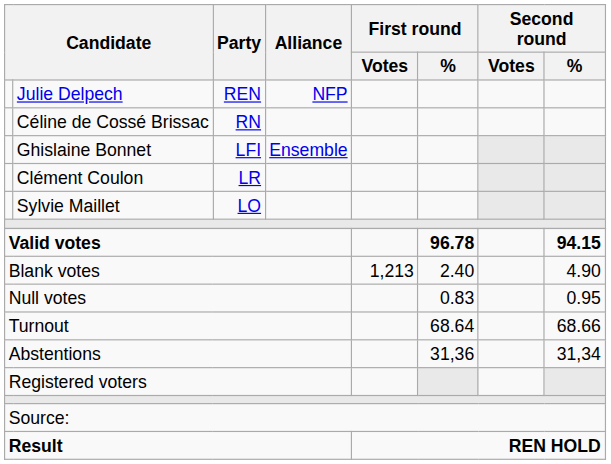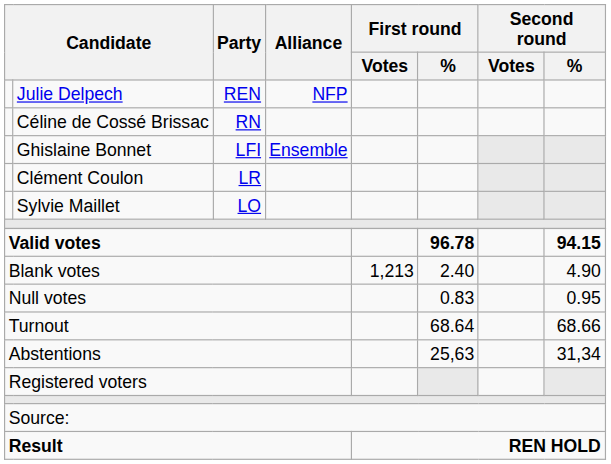 <table class="wikitable" style="text-align:right;font-size:95%;">
 <tr>
 <th colspan="2" rowspan="2">Candidate</th>
 <th colspan="1" rowspan="2">Party</th>
 <th colspan="1" rowspan="2">Alliance</th>
 <th colspan="2">First round</th>
 <th colspan="2">Second round</th>
 </tr>
 <tr>
 <th style="width:50px;">Votes</th>
 <th style="width:45px;">%</th>
 <th style="width:50px;">Votes</th>
 <th style="width:45px;">%</th>
 </tr>
 <tr>
 <td style="color:inherit;background:"></td>
 <td style="text-align:left;"><a href='#'>Julie Delpech</a></td>
 <td><a href='#'>REN</a></td>
 <td><a href='#'>NFP</a></td>
 <td><strong></strong></td>
 <td><strong></strong></td>
 <td><strong></strong></td>
 <td><strong></strong></td>
 </tr>
 <tr>
 <td style="color:inherit;background:"></td>
 <td style="text-align:left;">Céline de Cossé Brissac</td>
 <td><a href='#'>RN</a></td>
 <td></td>
 <td><strong></strong></td>
 <td><strong></strong></td>
 <td></td>
 <td></td>
 </tr>
 <tr>
 <td style="color:inherit;background:"></td>
 <td style="text-align:left;">Ghislaine Bonnet</td>
 <td><a href='#'>LFI</a></td>
 <td><a href='#'>Ensemble</a></td>
 <td></td>
 <td></td>
 <td style="background:#E9E9E9;"></td>
 <td style="background:#E9E9E9;"></td>
 </tr>
 <tr>
 <td style="color:inherit;background:"></td>
 <td style="text-align:left;">Clément Coulon</td>
 <td><a href='#'>LR</a></td>
 <td></td>
 <td></td>
 <td></td>
 <td style="background:#E9E9E9;"></td>
 <td style="background:#E9E9E9;"></td>
 </tr>
 <tr>
 <td style="color:inherit;background:"></td>
 <td style="text-align:left;">Sylvie Maillet</td>
 <td><a href='#'>LO</a></td>
 <td></td>
 <td></td>
 <td></td>
 <td style="background:#E9E9E9;"></td>
 <td style="background:#E9E9E9;"></td>
 </tr>
 <tr>
 <td colspan="8" style="background:#E9E9E9;"></td>
 </tr>
 <tr>
 </tr>
 <tr style="font-weight:bold;">
 <td colspan="4" style="text-align:left;">Valid votes</td>
 <td></td>
 <td>96.78</td>
 <td></td>
 <td>94.15</td>
 </tr>
 <tr>
 <td colspan="4" style="text-align:left;">Blank votes</td>
 <td>1,213</td>
 <td>2.40</td>
 <td></td>
 <td>4.90</td>
 </tr>
 <tr>
 <td colspan="4" style="text-align:left;">Null votes</td>
 <td></td>
 <td>0.83</td>
 <td></td>
 <td>0.95</td>
 </tr>
 <tr>
 <td colspan="4" style="text-align:left;">Turnout</td>
 <td></td>
 <td>68.64</td>
 <td></td>
 <td>68.66</td>
 </tr>
 <tr>
 <td colspan="4" style="text-align:left;">Abstentions</td>
 <td></td>
-<td>31,36</td>
+<td>25,63</td>
 <td></td>
 <td>31,34</td>
 </tr>
 <tr>
 <td colspan="4" style="text-align:left;">Registered voters</td>
 <td></td>
 <td style="background:#E9E9E9;"></td>
 <td></td>
 <td style="background:#E9E9E9;"></td>
 </tr>
 <tr>
 <td colspan="8" style="background:#E9E9E9;"></td>
 </tr>
 <tr>
 <td colspan="8" style="text-align:left;">Source: </td>
 </tr>
 <tr style="font-weight:bold">
 <td colspan="4" style="text-align:left;">Result</td>
 <td colspan="4" style="background-color:">REN HOLD</td>
 </tr>
 </table>
